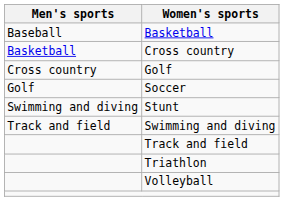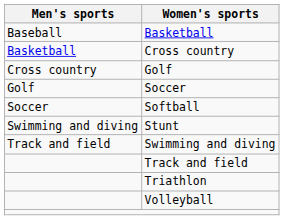 <table class="wikitable"; style= "text-align: ">
 <tr>
 <th width=150px>Men's sports</th>
 <th width=150px>Women's sports</th>
 </tr>
 <tr>
 <td>Baseball</td>
 <td><a href='#'>Basketball</a></td>
 </tr>
 <tr>
 <td><a href='#'>Basketball</a></td>
 <td>Cross country</td>
 </tr>
 <tr>
 <td>Cross country</td>
 <td>Golf</td>
 </tr>
 <tr>
 <td>Golf</td>
 <td>Soccer</td>
+</tr>
+<tr>
+<td>Soccer</td>
+<td>Softball</td>
 </tr>
 <tr>
 <td>Swimming and diving</td>
 <td>Stunt</td>
 </tr>
 <tr>
 <td>Track and field</td>
 <td>Swimming and diving</td>
 </tr>
 <tr>
 <td></td>
 <td>Track and field</td>
 </tr>
 <tr>
 <td></td>
 <td>Triathlon</td>
 </tr>
 <tr>
 <td></td>
 <td>Volleyball</td>
 </tr>
 <tr>
 <td colspan=2></td>
 </tr>
 </table>
